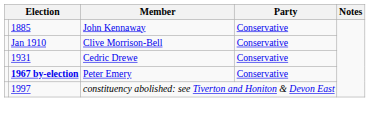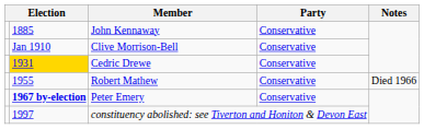 <table class="wikitable">
 <tr>
 <th colspan="2">Election</th>
 <th>Member</th>
 <th>Party</th>
 <th>Notes</th>
 </tr>
 <tr>
 <td style="color:inherit;background-color: "></td>
 <td><a href='#'>1885</a></td>
 <td><a href='#'>John Kennaway</a></td>
 <td><a href='#'>Conservative</a></td>
 </tr>
 <tr>
 <td style="color:inherit;background-color: "></td>
 <td><a href='#'>Jan 1910</a></td>
 <td><a href='#'>Clive Morrison-Bell</a></td>
 <td><a href='#'>Conservative</a></td>
 </tr>
 <tr>
 <td style="color:inherit;background-color: "></td>
-<td><a href='#'>1931</a></td>
+<td style="background: gold;"><a href='#'>1931</a></td>
 <td><a href='#'>Cedric Drewe</a></td>
 <td><a href='#'>Conservative</a></td>
+</tr>
+<tr>
+<td style="color:inherit;background-color: "></td>
+<td><a href='#'>1955</a></td>
+<td><a href='#'>Robert Mathew</a></td>
+<td><a href='#'>Conservative</a></td>
+<td>Died 1966</td>
 </tr>
 <tr>
 <td style="color:inherit;background-color: "></td>
 <td><strong><a href='#'>1967 by-election</a></strong></td>
 <td><a href='#'>Peter Emery</a></td>
 <td><a href='#'>Conservative</a></td>
 </tr>
 <tr>
 <td></td>
 <td><a href='#'>1997</a></td>
 <td colspan="2"><em>constituency abolished: see <a href='#'>Tiverton and Honiton</a> & <a href='#'>Devon East</a></em></td>
 </tr>
 </table>
